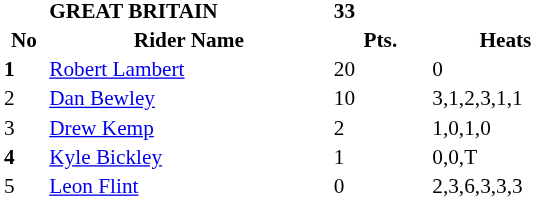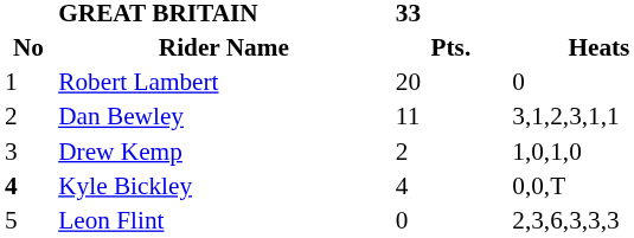 <table class="toccolours">
 <tr>
 <td></td>
 <td><strong>GREAT BRITAIN</strong></td>
 <td><strong>33</strong></td>
 </tr>
 <tr style="background-color:">
 <th width=30px>No</th>
 <th width=210px>Rider Name</th>
 <th width=70px>Pts.</th>
 <th width=110px>Heats</th>
 </tr>
 <tr style="background-color:">
-<td><strong>1</strong></td>
+<td>1</td>
 <td><a href='#'>Robert Lambert</a></td>
 <td>20</td>
 <td>0</td>
 </tr>
 <tr style="background-color:">
 <td>2</td>
 <td><a href='#'>Dan Bewley</a></td>
-<td>10</td>
+<td>11</td>
 <td>3,1,2,3,1,1</td>
 </tr>
 <tr style="background-color:">
 <td>3</td>
 <td><a href='#'>Drew Kemp</a></td>
 <td>2</td>
 <td>1,0,1,0</td>
 </tr>
 <tr style="background-color:">
 <td><strong>4</strong></td>
 <td><a href='#'>Kyle Bickley</a></td>
-<td>1</td>
+<td>4</td>
 <td>0,0,T</td>
 </tr>
 <tr style="background-color:">
 <td>5</td>
 <td><a href='#'>Leon Flint</a></td>
 <td>0</td>
 <td>2,3,6,3,3,3</td>
 </tr>
 </table>
